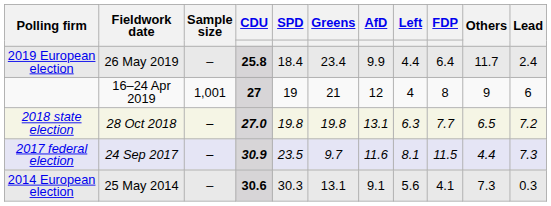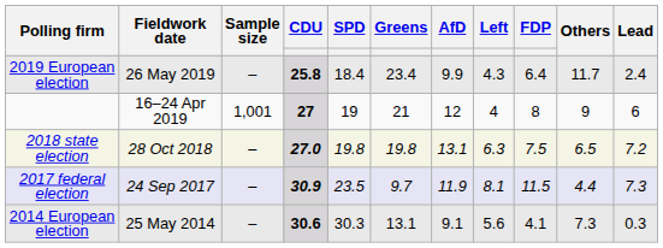 <table class="wikitable sortable" style="text-align:center;font-size:90%;line-height:14px;">
 <tr style="height:40px;">
 <th style="width:160px;" rowspan="2">Polling firm</th>
 <th style="width:125px;" rowspan="2">Fieldwork date</th>
 <th style="width:35px;" rowspan="2">Sample<br>size</th>
 <th class="unsortable" style="width:40px;"><span><a href='#'>CDU</a></span><br></th>
 <th class="unsortable" style="width:40px;"><a href='#'><span>SPD</span></a><br></th>
 <th class="unsortable" style="width:40px;"><a href='#'><span>Greens</span></a><br></th>
 <th class="unsortable" style="width:40px;"><a href='#'><span>AfD</span></a><br></th>
 <th class="unsortable" style="width:40px;"><a href='#'><span>Left</span></a><br></th>
 <th class="unsortable" style="width:40px;"><a href='#'><span>FDP</span></a><br></th>
 <th class="unsortable" style="width:30px;" rowspan="2">Others</th>
 <th style="width:30px;" rowspan="2">Lead</th>
 </tr>
 <tr>
 <th style="background:"></th>
 <th style="background:"></th>
 <th style="background:"></th>
 <th style="background:"></th>
 <th style="background:"></th>
 <th style="background:"></th>
 </tr>
 <tr style="background:#E9E9E9;">
 <td><a href='#'>2019 European election</a></td>
 <td data-sort-value="2019-05-26">26 May 2019</td>
 <td>–</td>
 <td style="background:#D7D5D7;"><strong>25.8</strong></td>
 <td>18.4</td>
 <td>23.4</td>
 <td>9.9</td>
-<td>4.4</td>
+<td>4.3</td>
 <td>6.4</td>
 <td>11.7</td>
 <td style="background:">2.4</td>
 </tr>
 <tr>
 <td></td>
 <td data-sort-value="2019-04-24">16–24 Apr 2019</td>
 <td>1,001</td>
 <td style="background:#D7D5D7;"><strong>27</strong></td>
 <td>19</td>
 <td>21</td>
 <td>12</td>
 <td>4</td>
 <td>8</td>
 <td>9</td>
 <td style="background:">6</td>
 </tr>
 <tr style="background:#F5F5E5;font-style:italic;">
 <td><a href='#'>2018 state election</a></td>
 <td data-sort-value="2018-10-28">28 Oct 2018</td>
 <td>–</td>
 <td style="background:#D7D5D7;"><strong>27.0</strong></td>
 <td>19.8</td>
 <td>19.8</td>
 <td>13.1</td>
 <td>6.3</td>
-<td>7.7</td>
+<td>7.5</td>
 <td>6.5</td>
 <td style="background:">7.2</td>
 </tr>
 <tr style="background:#E5E5F5;font-style:italic;">
 <td><a href='#'>2017 federal election</a></td>
 <td data-sort-value="2017-09-24">24 Sep 2017</td>
 <td>–</td>
 <td style="background:#D7D5D7;"><strong>30.9</strong></td>
 <td>23.5</td>
 <td>9.7</td>
-<td>11.6</td>
+<td>11.9</td>
 <td>8.1</td>
 <td>11.5</td>
 <td>4.4</td>
 <td style="background:">7.3</td>
 </tr>
 <tr style="background:#E9E9E9;">
 <td><a href='#'>2014 European election</a></td>
 <td data-sort-value="2014-05-25">25 May 2014</td>
 <td>–</td>
 <td style="background:#D7D5D7;"><strong>30.6</strong></td>
 <td>30.3</td>
 <td>13.1</td>
 <td>9.1</td>
 <td>5.6</td>
 <td>4.1</td>
 <td>7.3</td>
 <td style="background:">0.3</td>
 </tr>
 </table>
